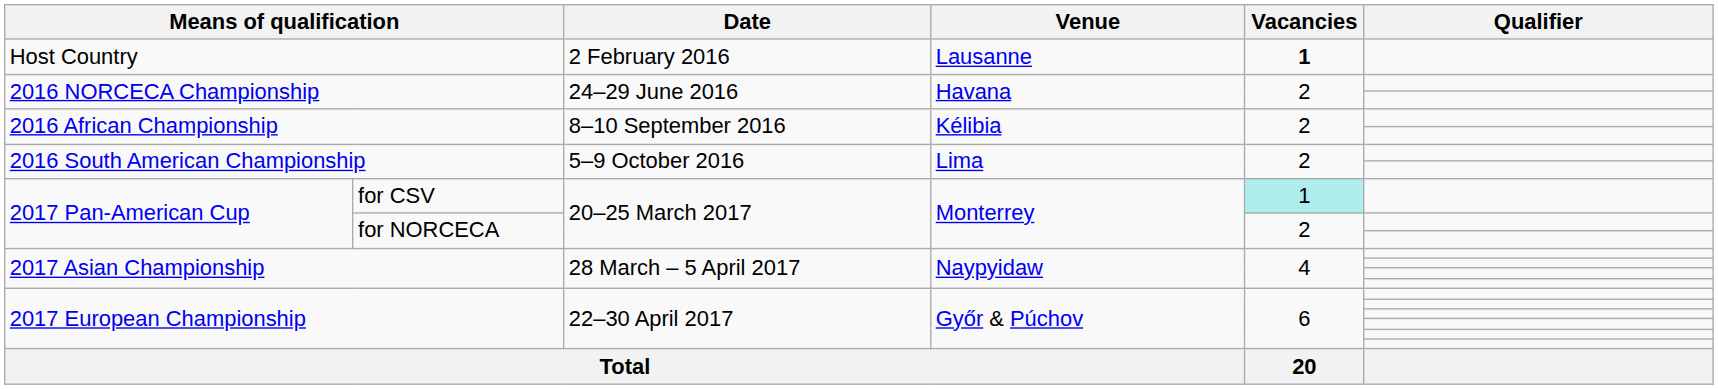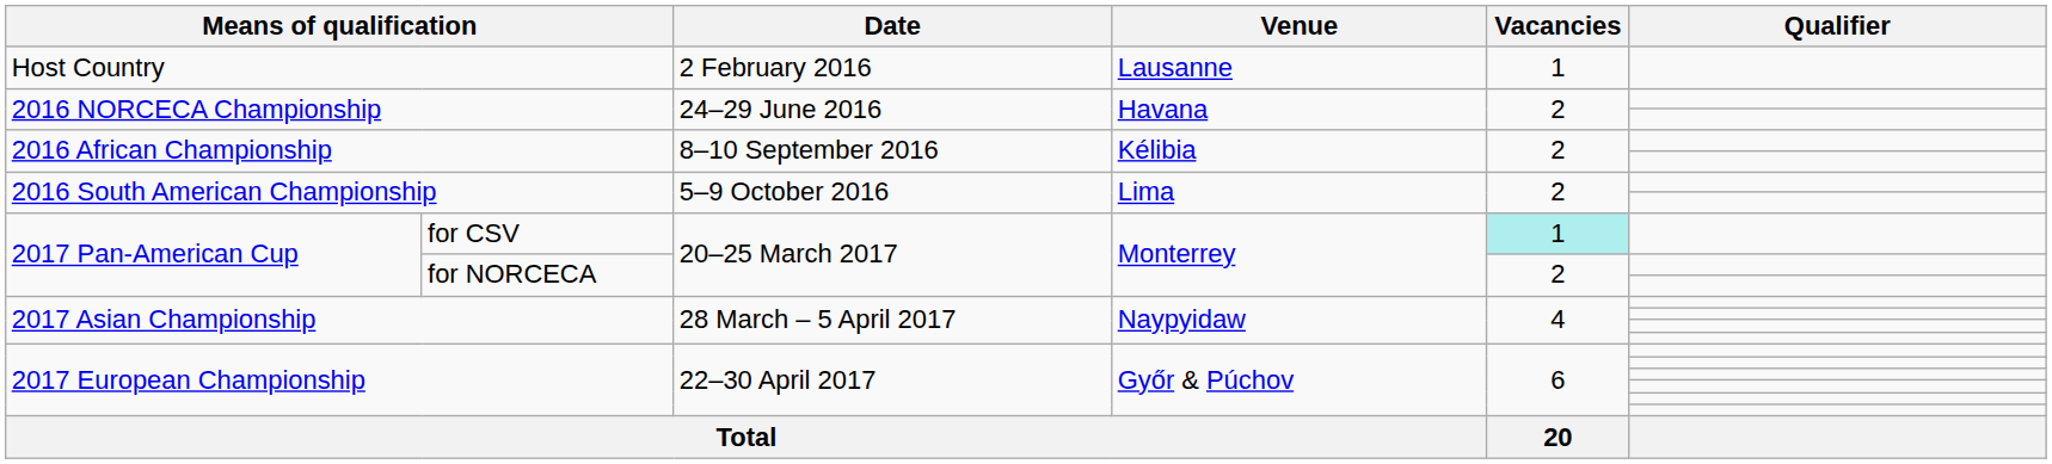 <table class="wikitable">
 <tr>
 <th width=32% colspan="2">Means of qualification</th>
 <th width=21%>Date</th>
 <th width=18%>Venue</th>
 <th width=6%>Vacancies</th>
 <th width=20%>Qualifier</th>
 </tr>
 <tr>
 <td colspan="2">Host Country</td>
 <td>2 February 2016</td>
 <td> <a href='#'>Lausanne</a></td>
-<td align="center"><strong>1</strong></td>
+<td align="center">1</td>
 <td></td>
 </tr>
 <tr>
 <td colspan="2" rowspan="2"><a href='#'>2016 NORCECA Championship</a></td>
 <td rowspan="2">24–29 June 2016</td>
 <td rowspan="2"> <a href='#'>Havana</a></td>
 <td rowspan="2" align="center">2</td>
 <td></td>
 </tr>
 <tr>
 <td></td>
 </tr>
 <tr>
 <td colspan="2" rowspan="2"><a href='#'>2016 African Championship</a></td>
 <td rowspan="2">8–10 September 2016</td>
 <td rowspan="2"> <a href='#'>Kélibia</a></td>
 <td rowspan="2" align="center">2</td>
 <td></td>
 </tr>
 <tr>
 <td></td>
 </tr>
 <tr>
 <td colspan="2" rowspan="2"><a href='#'>2016 South American Championship</a></td>
 <td rowspan="2">5–9 October 2016</td>
 <td rowspan="2"> <a href='#'>Lima</a></td>
 <td rowspan="2" align="center">2</td>
 <td></td>
 </tr>
 <tr>
 <td></td>
 </tr>
 <tr>
 <td rowspan="3"><a href='#'>2017 Pan-American Cup</a></td>
 <td>for CSV</td>
 <td rowspan="3">20–25 March 2017</td>
 <td rowspan="3"> <a href='#'>Monterrey</a></td>
 <td align="center" style="background: paleturquoise;">1</td>
 <td></td>
 </tr>
 <tr>
 <td rowspan="2">for NORCECA</td>
 <td rowspan="2" align="center">2</td>
 <td></td>
 </tr>
 <tr>
 <td></td>
 </tr>
 <tr>
 <td colspan="2" rowspan="4"><a href='#'>2017 Asian Championship</a></td>
 <td rowspan="4">28 March – 5 April 2017</td>
 <td rowspan="4"> <a href='#'>Naypyidaw</a></td>
 <td rowspan="4" align="center">4</td>
 <td></td>
 </tr>
 <tr>
 <td></td>
 </tr>
 <tr>
 <td></td>
 </tr>
 <tr>
 <td></td>
 </tr>
 <tr>
 <td colspan="2" rowspan="6"><a href='#'>2017 European Championship</a></td>
 <td rowspan="6">22–30 April 2017</td>
 <td rowspan="6"> <a href='#'>Győr</a> &  <a href='#'>Púchov</a></td>
 <td rowspan="6" align="center">6</td>
 <td></td>
 </tr>
 <tr>
 <td></td>
 </tr>
 <tr>
 <td></td>
 </tr>
 <tr>
 <td></td>
 </tr>
 <tr>
 <td></td>
 </tr>
 <tr>
 <td></td>
 </tr>
 <tr>
 <th colspan="4">Total</th>
 <th>20</th>
 <th></th>
 </tr>
 </table>
